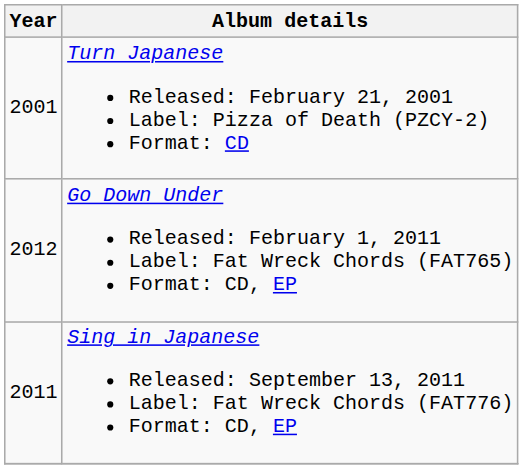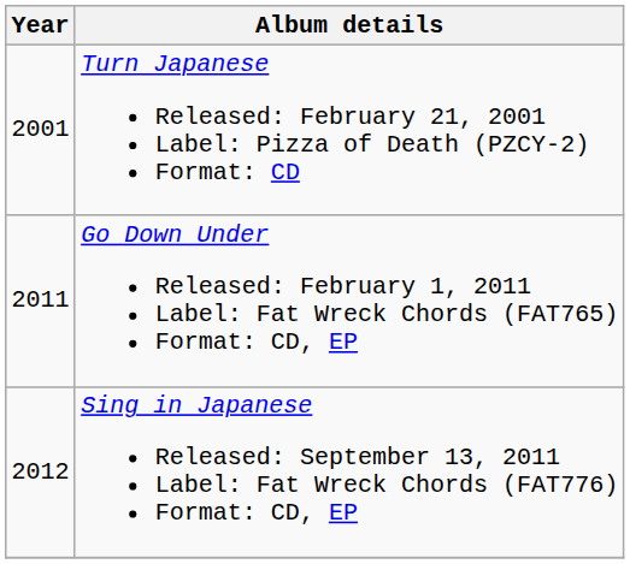 <table class ="wikitable">
 <tr>
 <th>Year</th>
 <th>Album details</th>
 </tr>
 <tr>
 <td>2001</td>
 <td><em><a href='#'>Turn Japanese</a></em><br><ul><li>Released: February 21, 2001</li><li>Label: Pizza of Death (PZCY-2)</li><li>Format: <a href='#'>CD</a></li></ul></td>
 </tr>
 <tr>
-<td>2012</td>
+<td>2011</td>
 <td><em><a href='#'>Go Down Under</a></em><br><ul><li>Released: February 1, 2011</li><li>Label: Fat Wreck Chords (FAT765)</li><li>Format: CD, <a href='#'>EP</a></li></ul></td>
 </tr>
 <tr>
-<td>2011</td>
+<td>2012</td>
 <td><em><a href='#'>Sing in Japanese</a></em><br><ul><li>Released: September 13, 2011</li><li>Label: Fat Wreck Chords (FAT776)</li><li>Format: CD, <a href='#'>EP</a></li></ul></td>
 </tr>
 <tr>
 </tr>
 </table>
